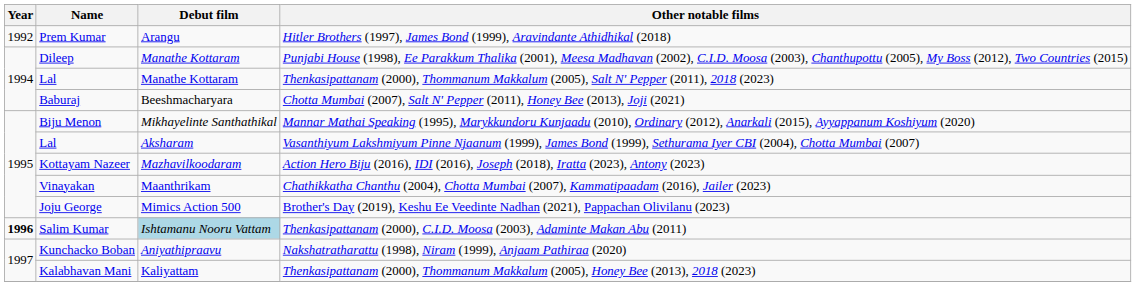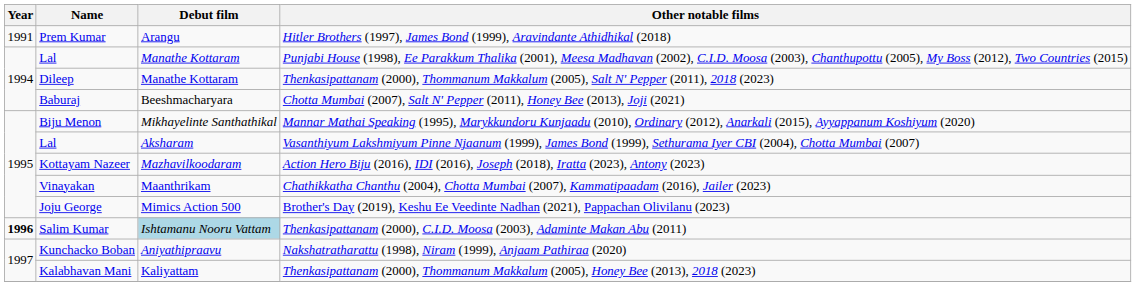 <table class="wikitable sortable" style="font-size:95%;">
 <tr>
 <th>Year</th>
 <th>Name</th>
 <th>Debut film</th>
 <th class=unsortable>Other notable films</th>
 </tr>
 <tr>
-<td>1992</td>
+<td>1991</td>
 <td><a href='#'>Prem Kumar</a></td>
 <td><a href='#'>Arangu</a></td>
 <td><em><a href='#'>Hitler Brothers</a></em> (1997), <em><a href='#'>James Bond</a></em> (1999), <em><a href='#'>Aravindante Athidhikal</a></em> (2018)</td>
 </tr>
 <tr>
 <td rowspan="3">1994</td>
-<td><a href='#'>Dileep</a></td>
+<td><a href='#'>Lal</a></td>
 <td><em><a href='#'>Manathe Kottaram</a></em></td>
 <td><em><a href='#'>Punjabi House</a></em> (1998), <em><a href='#'>Ee Parakkum Thalika</a></em> (2001), <em><a href='#'>Meesa Madhavan</a></em> (2002), <em><a href='#'>C.I.D. Moosa</a></em> (2003), <em><a href='#'>Chanthupottu</a></em> (2005), <em><a href='#'>My Boss</a></em> (2012), <em><a href='#'>Two Countries</a></em> (2015)</td>
 </tr>
 <tr>
-<td><a href='#'>Lal</a></td>
+<td><a href='#'>Dileep</a></td>
 <td><a href='#'>Manathe Kottaram</a></td>
 <td><em><a href='#'>Thenkasipattanam</a></em> (2000), <em><a href='#'>Thommanum Makkalum</a></em> (2005), <em><a href='#'>Salt N' Pepper</a></em> (2011), <em><a href='#'>2018</a></em> (2023)</td>
 </tr>
 <tr>
 <td><a href='#'>Baburaj</a></td>
 <td>Beeshmacharyara</td>
 <td><em><a href='#'>Chotta Mumbai</a></em> (2007), <em><a href='#'>Salt N' Pepper</a></em> (2011), <em><a href='#'>Honey Bee</a></em> (2013), <em><a href='#'>Joji</a></em> (2021)</td>
 </tr>
 <tr>
 <td rowspan="5">1995</td>
 <td><a href='#'>Biju Menon</a></td>
 <td><em>Mikhayelinte Santhathikal</em></td>
 <td><em><a href='#'>Mannar Mathai Speaking</a></em> (1995), <em><a href='#'>Marykkundoru Kunjaadu</a></em> (2010), <em><a href='#'>Ordinary</a></em> (2012), <em><a href='#'>Anarkali</a></em> (2015), <em><a href='#'>Ayyappanum Koshiyum</a></em> (2020)</td>
 </tr>
 <tr>
 <td><a href='#'>Lal</a></td>
 <td><em><a href='#'>Aksharam</a></em></td>
 <td><em><a href='#'>Vasanthiyum Lakshmiyum Pinne Njaanum</a></em> (1999), <em><a href='#'>James Bond</a></em> (1999), <em><a href='#'>Sethurama Iyer CBI</a></em> (2004), <em><a href='#'>Chotta Mumbai</a></em> (2007)</td>
 </tr>
 <tr>
 <td><a href='#'>Kottayam Nazeer</a></td>
 <td><em><a href='#'>Mazhavilkoodaram</a></em></td>
 <td><em><a href='#'>Action Hero Biju</a></em> (2016), <em><a href='#'>IDI</a></em> (2016), <em><a href='#'>Joseph</a></em> (2018), <em><a href='#'>Iratta</a></em> (2023), <em><a href='#'>Antony</a></em> (2023)</td>
 </tr>
 <tr>
 <td><a href='#'>Vinayakan</a></td>
 <td><a href='#'>Maanthrikam</a></td>
 <td><em><a href='#'>Chathikkatha Chanthu</a></em> (2004), <em><a href='#'>Chotta Mumbai</a></em> (2007), <em><a href='#'>Kammatipaadam</a></em> (2016), <em><a href='#'>Jailer</a></em> (2023)</td>
 </tr>
 <tr>
 <td><a href='#'>Joju George</a></td>
 <td><a href='#'>Mimics Action 500</a></td>
 <td><a href='#'>Brother's Day</a> (2019), <a href='#'>Keshu Ee Veedinte Nadhan</a> (2021), <a href='#'>Pappachan Olivilanu</a> (2023)</td>
 </tr>
 <tr>
 <td><strong>1996</strong></td>
 <td><a href='#'>Salim Kumar</a></td>
 <td style="background: lightblue;"><em>Ishtamanu Nooru Vattam</em></td>
 <td><em><a href='#'>Thenkasipattanam</a></em> (2000), <em><a href='#'>C.I.D. Moosa</a></em> (2003), <em><a href='#'>Adaminte Makan Abu</a></em> (2011)</td>
 </tr>
 <tr>
 <td rowspan="2">1997</td>
 <td><a href='#'>Kunchacko Boban</a></td>
 <td><em><a href='#'>Aniyathipraavu</a></em></td>
 <td><em><a href='#'>Nakshatratharattu</a></em> (1998), <em><a href='#'>Niram</a></em> (1999), <em><a href='#'>Anjaam Pathiraa</a></em> (2020)</td>
 </tr>
 <tr>
 <td><a href='#'>Kalabhavan Mani</a></td>
 <td><a href='#'>Kaliyattam</a></td>
 <td><em><a href='#'>Thenkasipattanam</a></em> (2000), <em><a href='#'>Thommanum Makkalum</a></em> (2005), <em><a href='#'>Honey Bee</a></em> (2013), <em><a href='#'>2018</a></em> (2023)</td>
 </tr>
 <tr>
 </tr>
 </table>
